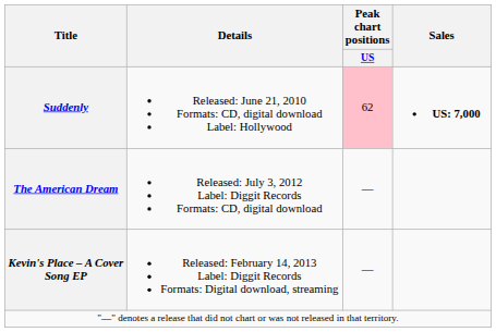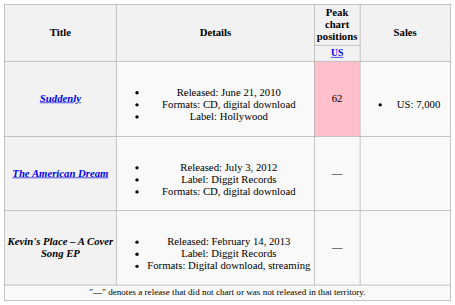 <table class="wikitable plainrowheaders" style="text-align:center;">
 <tr>
 <th scope="col" rowspan="2" style="width:10em;">Title</th>
 <th scope="col" rowspan="2" style="width:18em;">Details</th>
 <th scope="col" colspan="1">Peak chart positions</th>
 <th scope="col" rowspan="2" style="width:8em;">Sales</th>
 </tr>
 <tr>
 <th scope="col" style="width:2.5em;font-size:90%;"><a href='#'>US</a><br></th>
 </tr>
 <tr>
 <th scope="row"><em><a href='#'>Suddenly</a></em></th>
 <td><br><ul><li>Released: June 21, 2010</li><li>Formats: CD, digital download</li><li>Label: Hollywood</li></ul></td>
 <td style="background: pink;">62</td>
-<td><strong><br><ul><li>US: 7,000</li></ul></strong></td>
+<td><br><ul><li>US: 7,000</li></ul></td>
 </tr>
 <tr>
 <th scope="row"><em><a href='#'>The American Dream</a></em></th>
 <td><br><ul><li>Released: July 3, 2012</li><li>Label: Diggit Records</li><li>Formats: CD, digital download</li></ul></td>
 <td>—</td>
 <td></td>
 </tr>
 <tr>
 <th scope="row"><em>Kevin's Place – A Cover Song EP</em></th>
 <td><br><ul><li>Released: February 14, 2013</li><li>Label: Diggit Records</li><li>Formats: Digital download, streaming</li></ul></td>
 <td>—</td>
 <td></td>
 </tr>
 <tr>
 <td colspan="8" style="font-size:85%">"—" denotes a release that did not chart or was not released in that territory.</td>
 </tr>
 </table>
